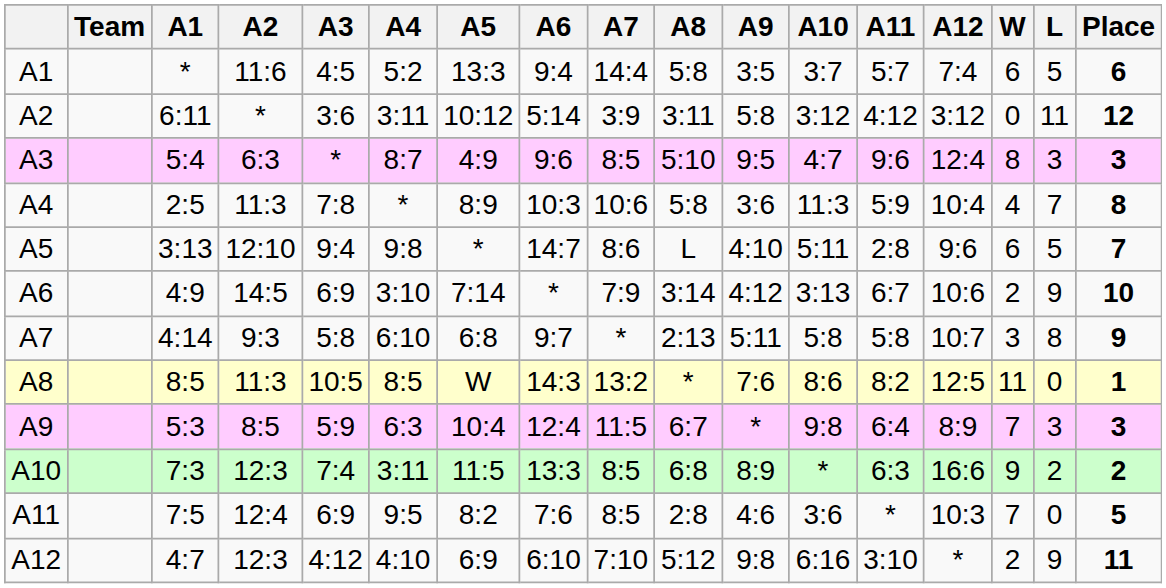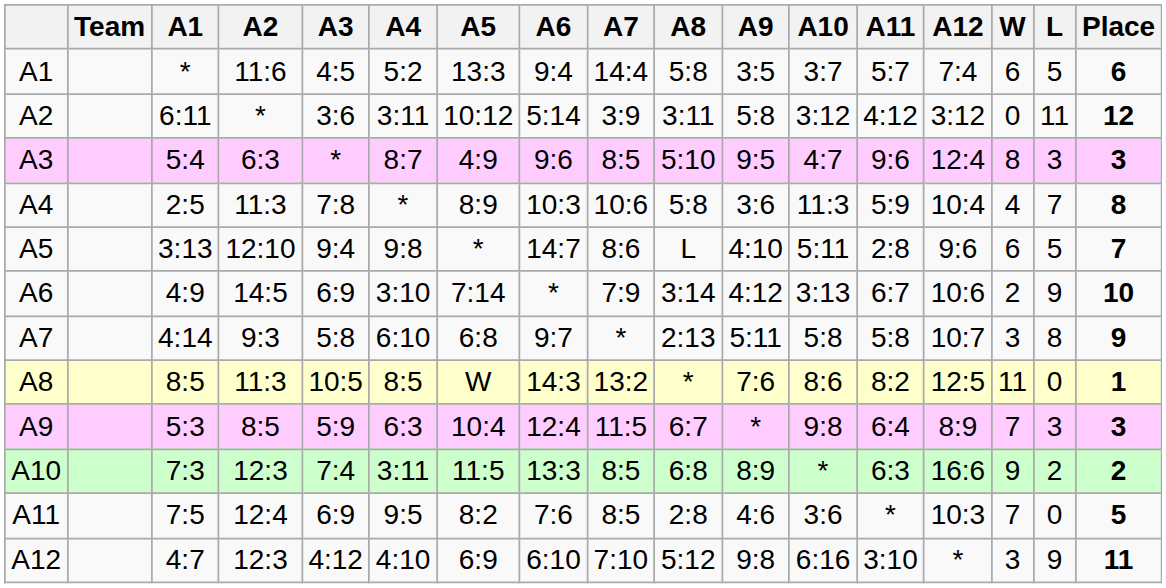 <table class="wikitable" style="text-align:center;">
 <tr>
 <th></th>
 <th width="120">Team</th>
 <th width="25">A1</th>
 <th width="25">A2</th>
 <th width="25">A3</th>
 <th width="25">A4</th>
 <th width="25">A5</th>
 <th width="25">A6</th>
 <th width="25">A7</th>
 <th width="25">A8</th>
 <th width="25">A9</th>
 <th width="25">A10</th>
 <th width="25">A11</th>
 <th width="25">A12</th>
 <th width="30">W</th>
 <th width="30">L</th>
 <th>Place</th>
 </tr>
 <tr>
 <td>A1</td>
 <td align="left"></td>
 <td>*</td>
 <td>11:6</td>
 <td>4:5</td>
 <td>5:2</td>
 <td>13:3</td>
 <td>9:4</td>
 <td>14:4</td>
 <td>5:8</td>
 <td>3:5</td>
 <td>3:7</td>
 <td>5:7</td>
 <td>7:4</td>
 <td>6</td>
 <td>5</td>
 <td><strong>6</strong></td>
 </tr>
 <tr>
 <td>A2</td>
 <td align="left"></td>
 <td>6:11</td>
 <td>*</td>
 <td>3:6</td>
 <td>3:11</td>
 <td>10:12</td>
 <td>5:14</td>
 <td>3:9</td>
 <td>3:11</td>
 <td>5:8</td>
 <td>3:12</td>
 <td>4:12</td>
 <td>3:12</td>
 <td>0</td>
 <td>11</td>
 <td><strong>12</strong></td>
 </tr>
 <tr bgcolor="#ffccff">
 <td>A3</td>
 <td align="left"></td>
 <td>5:4</td>
 <td>6:3</td>
 <td>*</td>
 <td>8:7</td>
 <td>4:9</td>
 <td>9:6</td>
 <td>8:5</td>
 <td>5:10</td>
 <td>9:5</td>
 <td>4:7</td>
 <td>9:6</td>
 <td>12:4</td>
 <td>8</td>
 <td>3</td>
 <td><strong>3</strong></td>
 </tr>
 <tr>
 <td>A4</td>
 <td align="left"></td>
 <td>2:5</td>
 <td>11:3</td>
 <td>7:8</td>
 <td>*</td>
 <td>8:9</td>
 <td>10:3</td>
 <td>10:6</td>
 <td>5:8</td>
 <td>3:6</td>
 <td>11:3</td>
 <td>5:9</td>
 <td>10:4</td>
 <td>4</td>
 <td>7</td>
 <td><strong>8</strong></td>
 </tr>
 <tr>
 <td>A5</td>
 <td align="left"></td>
 <td>3:13</td>
 <td>12:10</td>
 <td>9:4</td>
 <td>9:8</td>
 <td>*</td>
 <td>14:7</td>
 <td>8:6</td>
 <td>L</td>
 <td>4:10</td>
 <td>5:11</td>
 <td>2:8</td>
 <td>9:6</td>
 <td>6</td>
 <td>5</td>
 <td><strong>7</strong></td>
 </tr>
 <tr>
 <td>A6</td>
 <td align="left"></td>
 <td>4:9</td>
 <td>14:5</td>
 <td>6:9</td>
 <td>3:10</td>
 <td>7:14</td>
 <td>*</td>
 <td>7:9</td>
 <td>3:14</td>
 <td>4:12</td>
 <td>3:13</td>
 <td>6:7</td>
 <td>10:6</td>
 <td>2</td>
 <td>9</td>
 <td><strong>10</strong></td>
 </tr>
 <tr>
 <td>A7</td>
 <td align="left"></td>
 <td>4:14</td>
 <td>9:3</td>
 <td>5:8</td>
 <td>6:10</td>
 <td>6:8</td>
 <td>9:7</td>
 <td>*</td>
 <td>2:13</td>
 <td>5:11</td>
 <td>5:8</td>
 <td>5:8</td>
 <td>10:7</td>
 <td>3</td>
 <td>8</td>
 <td><strong>9</strong></td>
 </tr>
 <tr bgcolor="#ffffcc">
 <td>A8</td>
 <td align="left"></td>
 <td>8:5</td>
 <td>11:3</td>
 <td>10:5</td>
 <td>8:5</td>
 <td>W</td>
 <td>14:3</td>
 <td>13:2</td>
 <td>*</td>
 <td>7:6</td>
 <td>8:6</td>
 <td>8:2</td>
 <td>12:5</td>
 <td>11</td>
 <td>0</td>
 <td><strong>1</strong></td>
 </tr>
 <tr bgcolor="#ffccff">
 <td>A9</td>
 <td align="left"></td>
 <td>5:3</td>
 <td>8:5</td>
 <td>5:9</td>
 <td>6:3</td>
 <td>10:4</td>
 <td>12:4</td>
 <td>11:5</td>
 <td>6:7</td>
 <td>*</td>
 <td>9:8</td>
 <td>6:4</td>
 <td>8:9</td>
 <td>7</td>
 <td>3</td>
 <td><strong>3</strong></td>
 </tr>
 <tr bgcolor="#ccffcc">
 <td>A10</td>
 <td align="left"></td>
 <td>7:3</td>
 <td>12:3</td>
 <td>7:4</td>
 <td>3:11</td>
 <td>11:5</td>
 <td>13:3</td>
 <td>8:5</td>
 <td>6:8</td>
 <td>8:9</td>
 <td>*</td>
 <td>6:3</td>
 <td>16:6</td>
 <td>9</td>
 <td>2</td>
 <td><strong>2</strong></td>
 </tr>
 <tr>
 <td>A11</td>
 <td align="left"></td>
 <td>7:5</td>
 <td>12:4</td>
 <td>6:9</td>
 <td>9:5</td>
 <td>8:2</td>
 <td>7:6</td>
 <td>8:5</td>
 <td>2:8</td>
 <td>4:6</td>
 <td>3:6</td>
 <td>*</td>
 <td>10:3</td>
 <td>7</td>
 <td>0</td>
 <td><strong>5</strong></td>
 </tr>
 <tr>
 <td>A12</td>
 <td align="left"></td>
 <td>4:7</td>
 <td>12:3</td>
 <td>4:12</td>
 <td>4:10</td>
 <td>6:9</td>
 <td>6:10</td>
 <td>7:10</td>
 <td>5:12</td>
 <td>9:8</td>
 <td>6:16</td>
 <td>3:10</td>
 <td>*</td>
-<td>2</td>
+<td>3</td>
 <td>9</td>
 <td><strong>11</strong></td>
 </tr>
 </table>
